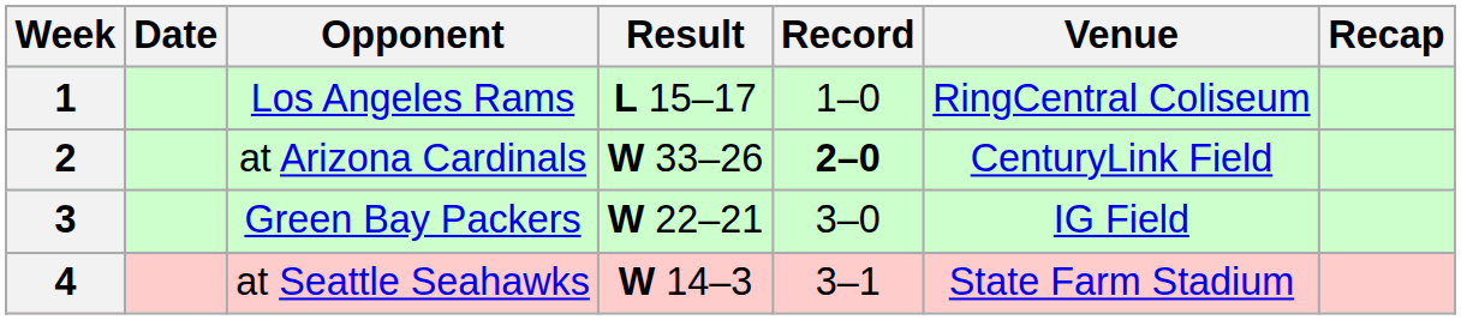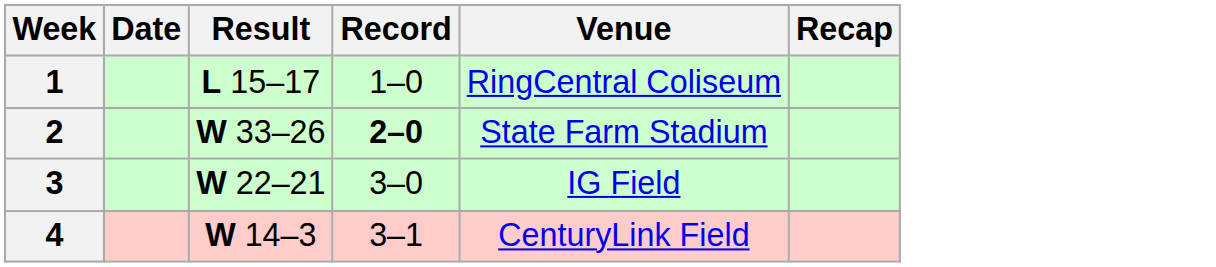 <table class="wikitable" style="text-align:center">
 <tr>
 <th>Week</th>
 <th>Date</th>
-<th>Opponent</th>
 <th>Result</th>
 <th>Record</th>
 <th>Venue</th>
 <th>Recap</th>
 </tr>
 <tr style="background:#cfc">
 <th>1</th>
 <td></td>
-<td><a href='#'>Los Angeles Rams</a></td>
 <td><strong>L</strong> 15–17</td>
 <td>1–0</td>
 <td><a href='#'>RingCentral Coliseum</a></td>
 <td></td>
 </tr>
 <tr style="background:#cfc">
 <th>2</th>
 <td></td>
-<td>at <a href='#'>Arizona Cardinals</a></td>
 <td><strong>W</strong> 33–26</td>
 <td><strong>2–0</strong></td>
-<td><a href='#'>CenturyLink Field</a></td>
+<td><a href='#'>State Farm Stadium</a></td>
 <td></td>
 </tr>
 <tr style="background:#cfc">
 <th>3</th>
 <td></td>
-<td><a href='#'>Green Bay Packers</a></td>
 <td><strong>W</strong> 22–21</td>
 <td>3–0</td>
 <td> <a href='#'>IG Field</a> </td>
 <td></td>
 </tr>
 <tr style="background:#fcc">
 <th>4</th>
 <td></td>
-<td>at <a href='#'>Seattle Seahawks</a></td>
 <td><strong>W</strong> 14–3</td>
 <td>3–1</td>
-<td><a href='#'>State Farm Stadium</a></td>
+<td><a href='#'>CenturyLink Field</a></td>
 <td></td>
 </tr>
 </table>
